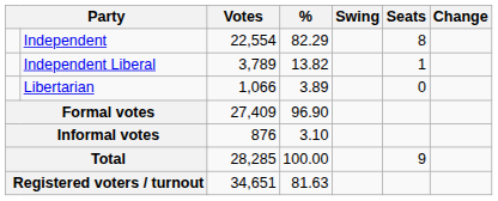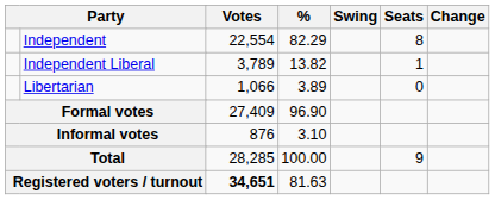 <table class="wikitable" style="text-align:right; margin-bottom:0">
 <tr>
 <th style="width:10px" colspan=3>Party</th>
 <th style="width:70px;">Votes</th>
 <th style="width:40px;">%</th>
 <th style="width:40px;">Swing</th>
 <th style="width:40px;">Seats</th>
 <th style="width:40px;">Change</th>
 </tr>
 <tr>
 <td> </td>
 <td style="text-align:left;" colspan="2"><a href='#'>Independent</a></td>
 <td>22,554</td>
 <td>82.29</td>
 <td></td>
 <td>8</td>
 <td></td>
 </tr>
 <tr>
 <td> </td>
 <td style="text-align:left;" colspan="2"><a href='#'>Independent Liberal</a></td>
 <td>3,789</td>
 <td>13.82</td>
 <td></td>
 <td>1</td>
 <td></td>
 </tr>
 <tr>
 <td> </td>
 <td style="text-align:left;" colspan="2"><a href='#'>Libertarian</a></td>
 <td>1,066</td>
 <td>3.89</td>
 <td></td>
 <td>0</td>
 <td></td>
 </tr>
 <tr>
 <th colspan="3" rowspan="1"> Formal votes</th>
 <td>27,409</td>
 <td>96.90</td>
 <td></td>
 <td></td>
 <td></td>
 </tr>
 <tr>
 <th colspan="3" rowspan="1"> Informal votes</th>
 <td>876</td>
 <td>3.10</td>
 <td></td>
 <td></td>
 <td></td>
 </tr>
 <tr>
 <th colspan="3" rowspan="1"> Total</th>
 <td>28,285</td>
 <td>100.00</td>
 <td></td>
 <td>9</td>
 <td></td>
 </tr>
 <tr>
 <th colspan="3" rowspan="1"> Registered voters / turnout</th>
-<td>34,651</td>
+<td><strong>34,651</strong></td>
 <td>81.63</td>
 <td></td>
 <td></td>
 <td></td>
 </tr>
 </table>
